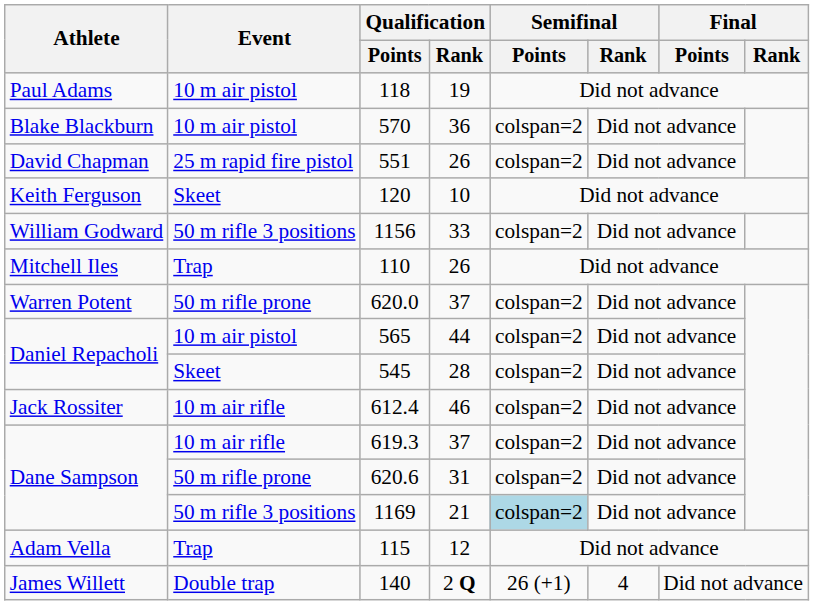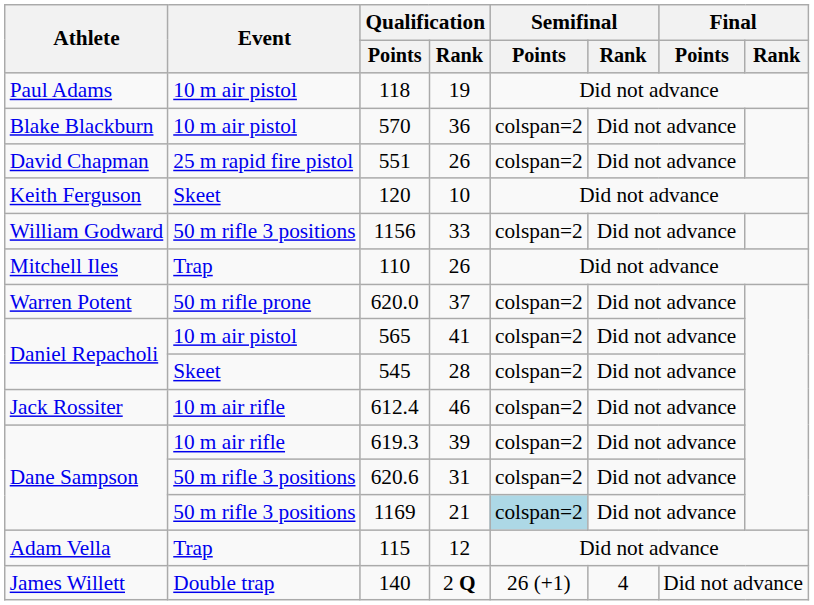 <table class="wikitable" style="font-size:90%">
 <tr>
 <th rowspan="2">Athlete</th>
 <th rowspan="2">Event</th>
 <th colspan=2>Qualification</th>
 <th colspan=2>Semifinal</th>
 <th colspan=2>Final</th>
 </tr>
 <tr style="font-size:95%">
 <th>Points</th>
 <th>Rank</th>
 <th>Points</th>
 <th>Rank</th>
 <th>Points</th>
 <th>Rank</th>
 </tr>
 <tr align=center>
 <td align=left><a href='#'>Paul Adams</a></td>
 <td align=left><a href='#'>10 m air pistol</a></td>
 <td>118</td>
 <td>19</td>
 <td colspan=4>Did not advance</td>
 </tr>
 <tr align=center>
 <td align=left><a href='#'>Blake Blackburn</a></td>
 <td align=left><a href='#'>10 m air pistol</a></td>
 <td>570</td>
 <td>36</td>
 <td>colspan=2 </td>
 <td colspan=2>Did not advance</td>
 </tr>
 <tr align=center>
 <td align=left><a href='#'>David Chapman</a></td>
 <td align=left><a href='#'>25 m rapid fire pistol</a></td>
 <td>551</td>
 <td>26</td>
 <td>colspan=2 </td>
 <td colspan=2>Did not advance</td>
 </tr>
 <tr align=center>
 <td align=left><a href='#'>Keith Ferguson</a></td>
 <td align=left><a href='#'>Skeet</a></td>
 <td>120</td>
 <td>10</td>
 <td colspan=4>Did not advance</td>
 </tr>
 <tr align=center>
 <td align=left><a href='#'>William Godward</a></td>
 <td align=left><a href='#'>50 m rifle 3 positions</a></td>
 <td>1156</td>
 <td>33</td>
 <td>colspan=2 </td>
 <td colspan=2>Did not advance</td>
 </tr>
 <tr align=center>
 <td align=left><a href='#'>Mitchell Iles</a></td>
 <td align=left><a href='#'>Trap</a></td>
 <td>110</td>
 <td>26</td>
 <td colspan=4>Did not advance</td>
 </tr>
 <tr align=center>
 <td align=left><a href='#'>Warren Potent</a></td>
 <td align=left><a href='#'>50 m rifle prone</a></td>
 <td>620.0</td>
 <td>37</td>
 <td>colspan=2 </td>
 <td colspan=2>Did not advance</td>
 </tr>
 <tr align=center>
 <td align=left rowspan=2><a href='#'>Daniel Repacholi</a></td>
 <td align=left><a href='#'>10 m air pistol</a></td>
 <td>565</td>
-<td>44</td>
+<td>41</td>
 <td>colspan=2 </td>
 <td colspan=2>Did not advance</td>
 </tr>
 <tr align=center>
 <td align=left><a href='#'>Skeet</a></td>
 <td>545</td>
 <td>28</td>
 <td>colspan=2 </td>
 <td colspan=2>Did not advance</td>
 </tr>
 <tr align=center>
 <td align=left><a href='#'>Jack Rossiter</a></td>
 <td align=left><a href='#'>10 m air rifle</a></td>
 <td>612.4</td>
 <td>46</td>
 <td>colspan=2 </td>
 <td colspan=2>Did not advance</td>
 </tr>
 <tr align=center>
 <td align=left rowspan=3><a href='#'>Dane Sampson</a></td>
 <td align=left><a href='#'>10 m air rifle</a></td>
 <td>619.3</td>
-<td>37</td>
+<td>39</td>
 <td>colspan=2 </td>
 <td colspan=2>Did not advance</td>
 </tr>
 <tr align=center>
-<td align=left><a href='#'>50 m rifle prone</a></td>
+<td align=left><a href='#'>50 m rifle 3 positions</a></td>
 <td>620.6</td>
 <td>31</td>
 <td>colspan=2 </td>
 <td colspan=2>Did not advance</td>
 </tr>
 <tr align=center>
 <td align=left><a href='#'>50 m rifle 3 positions</a></td>
 <td>1169</td>
 <td>21</td>
 <td style="background: lightblue;">colspan=2 </td>
 <td colspan=2>Did not advance</td>
 </tr>
 <tr align=center>
 <td align=left><a href='#'>Adam Vella</a></td>
 <td align=left><a href='#'>Trap</a></td>
 <td>115</td>
 <td>12</td>
 <td colspan=4>Did not advance</td>
 </tr>
 <tr align=center>
 <td align=left><a href='#'>James Willett</a></td>
 <td align=left><a href='#'>Double trap</a></td>
 <td>140 </td>
 <td>2 <strong>Q</strong></td>
 <td>26 (+1)</td>
 <td>4</td>
 <td colspan=2>Did not advance</td>
 </tr>
 </table>
